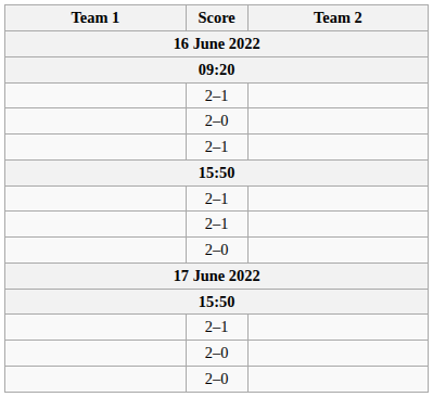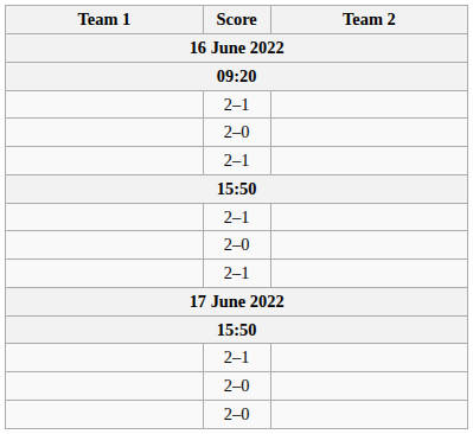 <table class="wikitable" style="text-align: center; font-size:90% ">
 <tr>
 <th align="right" width="160">Team 1</th>
 <th width="50">Score</th>
 <th align="left" width="160">Team 2</th>
 </tr>
 <tr>
 <th colspan=3>16 June 2022</th>
 </tr>
 <tr>
 <th colspan=3>09:20</th>
 </tr>
 <tr>
 <td align=right></td>
 <td align=center>2–1</td>
 <td align=left></td>
 </tr>
 <tr>
 <td align=right></td>
 <td align=center>2–0</td>
 <td align=left></td>
 </tr>
 <tr>
 <td align=right></td>
 <td align=center>2–1</td>
 <td align=left></td>
 </tr>
 <tr>
 <th colspan=3>15:50</th>
 </tr>
 <tr>
 <td align=right></td>
 <td align=center>2–1</td>
 <td align=left></td>
 </tr>
 <tr>
 <td align=right></td>
-<td align=center>2–1</td>
+<td align=center>2–0</td>
 <td align=left></td>
 </tr>
 <tr>
 <td align=right></td>
-<td align=center>2–0</td>
+<td align=center>2–1</td>
 <td align=left></td>
 </tr>
 <tr>
 <th colspan=3>17 June 2022</th>
 </tr>
 <tr>
 <th colspan=3>15:50</th>
 </tr>
 <tr>
 <td align=right></td>
 <td align=center>2–1</td>
 <td align=left></td>
 </tr>
 <tr>
 <td align=right></td>
 <td align=center>2–0</td>
 <td align=left></td>
 </tr>
 <tr>
 <td align=right></td>
 <td align=center>2–0</td>
 <td align=left></td>
 </tr>
 </table>
